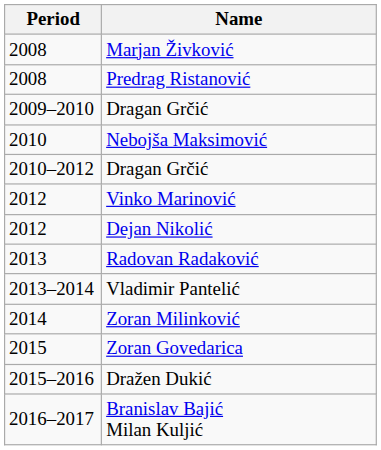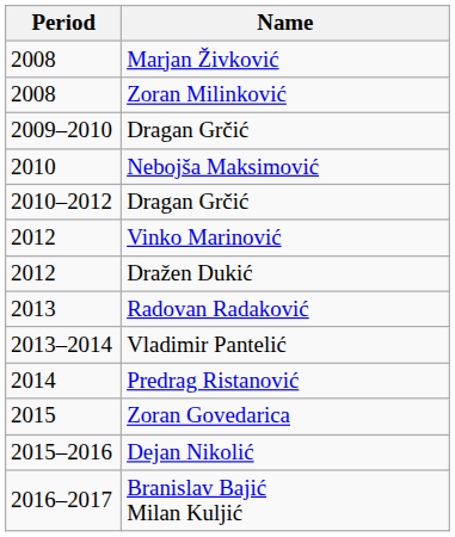 <table class="wikitable">
 <tr>
 <th width="75">Period</th>
 <th width="225">Name</th>
 </tr>
 <tr>
 <td>2008</td>
 <td> <a href='#'>Marjan Živković</a></td>
 </tr>
 <tr>
 <td>2008</td>
-<td> <a href='#'>Predrag Ristanović</a></td>
+<td> <a href='#'>Zoran Milinković</a></td>
 </tr>
 <tr>
 <td>2009–2010</td>
 <td> Dragan Grčić</td>
 </tr>
 <tr>
 <td>2010</td>
 <td> <a href='#'>Nebojša Maksimović</a></td>
 </tr>
 <tr>
 <td>2010–2012</td>
 <td> Dragan Grčić</td>
 </tr>
 <tr>
 <td>2012</td>
 <td> <a href='#'>Vinko Marinović</a></td>
 </tr>
 <tr>
 <td>2012</td>
-<td> <a href='#'>Dejan Nikolić</a></td>
+<td> Dražen Dukić</td>
 </tr>
 <tr>
 <td>2013</td>
 <td> <a href='#'>Radovan Radaković</a></td>
 </tr>
 <tr>
 <td>2013–2014</td>
 <td> Vladimir Pantelić</td>
 </tr>
 <tr>
 <td>2014</td>
-<td> <a href='#'>Zoran Milinković</a></td>
+<td> <a href='#'>Predrag Ristanović</a></td>
 </tr>
 <tr>
 <td>2015</td>
 <td> <a href='#'>Zoran Govedarica</a></td>
 </tr>
 <tr>
 <td>2015–2016</td>
-<td> Dražen Dukić</td>
+<td> <a href='#'>Dejan Nikolić</a></td>
 </tr>
 <tr>
 <td>2016–2017</td>
 <td> <a href='#'>Branislav Bajić</a><br> Milan Kuljić</td>
 </tr>
 </table>
